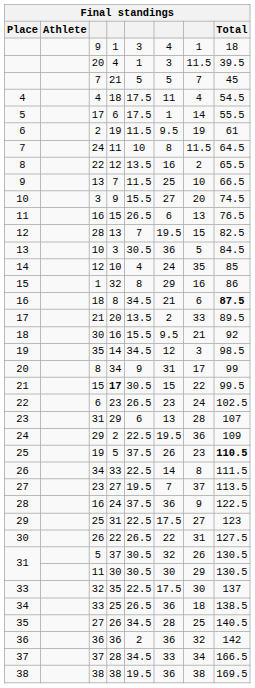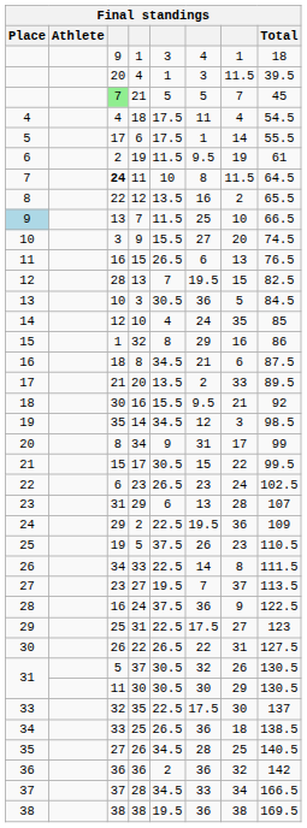 <table class=wikitable style="text-align:center">
 <tr>
 <th colspan=8><strong>Final standings</strong></th>
 </tr>
 <tr>
 <th>Place</th>
 <th>Athlete</th>
 <th></th>
 <th></th>
 <th></th>
 <th></th>
 <th></th>
 <th>Total</th>
 </tr>
 <tr>
 <td></td>
 <td align=left></td>
 <td>9</td>
 <td>1</td>
 <td>3</td>
 <td>4</td>
 <td>1</td>
 <td>18</td>
 </tr>
 <tr>
 <td></td>
 <td align=left></td>
 <td>20</td>
 <td>4</td>
 <td>1</td>
 <td>3</td>
 <td>11.5</td>
 <td>39.5</td>
 </tr>
 <tr>
 <td></td>
 <td align=left></td>
-<td>7</td>
+<td style="background: lightgreen;">7</td>
 <td>21</td>
 <td>5</td>
 <td>5</td>
 <td>7</td>
 <td>45</td>
 </tr>
 <tr>
 <td>4</td>
 <td align=left></td>
 <td>4</td>
 <td>18</td>
 <td>17.5</td>
 <td>11</td>
 <td>4</td>
 <td>54.5</td>
 </tr>
 <tr>
 <td>5</td>
 <td align=left></td>
 <td>17</td>
 <td>6</td>
 <td>17.5</td>
 <td>1</td>
 <td>14</td>
 <td>55.5</td>
 </tr>
 <tr>
 <td>6</td>
 <td align=left></td>
 <td>2</td>
 <td>19</td>
 <td>11.5</td>
 <td>9.5</td>
 <td>19</td>
 <td>61</td>
 </tr>
 <tr>
 <td>7</td>
 <td align=left></td>
-<td>24</td>
+<td><strong>24</strong></td>
 <td>11</td>
 <td>10</td>
 <td>8</td>
 <td>11.5</td>
 <td>64.5</td>
 </tr>
 <tr>
 <td>8</td>
 <td align=left></td>
 <td>22</td>
 <td>12</td>
 <td>13.5</td>
 <td>16</td>
 <td>2</td>
 <td>65.5</td>
 </tr>
 <tr>
-<td>9</td>
+<td style="background: lightblue;">9</td>
 <td align=left></td>
 <td>13</td>
 <td>7</td>
 <td>11.5</td>
 <td>25</td>
 <td>10</td>
 <td>66.5</td>
 </tr>
 <tr>
 <td>10</td>
 <td align=left></td>
 <td>3</td>
 <td>9</td>
 <td>15.5</td>
 <td>27</td>
 <td>20</td>
 <td>74.5</td>
 </tr>
 <tr>
 <td>11</td>
 <td align=left></td>
 <td>16</td>
 <td>15</td>
 <td>26.5</td>
 <td>6</td>
 <td>13</td>
 <td>76.5</td>
 </tr>
 <tr>
 <td>12</td>
 <td align=left></td>
 <td>28</td>
 <td>13</td>
 <td>7</td>
 <td>19.5</td>
 <td>15</td>
 <td>82.5</td>
 </tr>
 <tr>
 <td>13</td>
 <td align=left></td>
 <td>10</td>
 <td>3</td>
 <td>30.5</td>
 <td>36</td>
 <td>5</td>
 <td>84.5</td>
 </tr>
 <tr>
 <td>14</td>
 <td align=left></td>
 <td>12</td>
 <td>10</td>
 <td>4</td>
 <td>24</td>
 <td>35</td>
 <td>85</td>
 </tr>
 <tr>
 <td>15</td>
 <td align=left></td>
 <td>1</td>
 <td>32</td>
 <td>8</td>
 <td>29</td>
 <td>16</td>
 <td>86</td>
 </tr>
 <tr>
 <td>16</td>
 <td align=left></td>
 <td>18</td>
 <td>8</td>
 <td>34.5</td>
 <td>21</td>
 <td>6</td>
-<td><strong>87.5</strong></td>
+<td>87.5</td>
 </tr>
 <tr>
 <td>17</td>
 <td align=left></td>
 <td>21</td>
 <td>20</td>
 <td>13.5</td>
 <td>2</td>
 <td>33</td>
 <td>89.5</td>
 </tr>
 <tr>
 <td>18</td>
 <td align=left></td>
 <td>30</td>
 <td>16</td>
 <td>15.5</td>
 <td>9.5</td>
 <td>21</td>
 <td>92</td>
 </tr>
 <tr>
 <td>19</td>
 <td align=left></td>
 <td>35</td>
 <td>14</td>
 <td>34.5</td>
 <td>12</td>
 <td>3</td>
 <td>98.5</td>
 </tr>
 <tr>
 <td>20</td>
 <td align=left></td>
 <td>8</td>
 <td>34</td>
 <td>9</td>
 <td>31</td>
 <td>17</td>
 <td>99</td>
 </tr>
 <tr>
 <td>21</td>
 <td align=left></td>
 <td>15</td>
-<td><strong>17</strong></td>
+<td>17</td>
 <td>30.5</td>
 <td>15</td>
 <td>22</td>
 <td>99.5</td>
 </tr>
 <tr>
 <td>22</td>
 <td align=left></td>
 <td>6</td>
 <td>23</td>
 <td>26.5</td>
 <td>23</td>
 <td>24</td>
 <td>102.5</td>
 </tr>
 <tr>
 <td>23</td>
 <td align=left></td>
 <td>31</td>
 <td>29</td>
 <td>6</td>
 <td>13</td>
 <td>28</td>
 <td>107</td>
 </tr>
 <tr>
 <td>24</td>
 <td align=left></td>
 <td>29</td>
 <td>2</td>
 <td>22.5</td>
 <td>19.5</td>
 <td>36</td>
 <td>109</td>
 </tr>
 <tr>
 <td>25</td>
 <td align=left></td>
 <td>19</td>
 <td>5</td>
 <td>37.5</td>
 <td>26</td>
 <td>23</td>
-<td><strong>110.5</strong></td>
+<td>110.5</td>
 </tr>
 <tr>
 <td>26</td>
 <td align=left></td>
 <td>34</td>
 <td>33</td>
 <td>22.5</td>
 <td>14</td>
 <td>8</td>
 <td>111.5</td>
 </tr>
 <tr>
 <td>27</td>
 <td align=left></td>
 <td>23</td>
 <td>27</td>
 <td>19.5</td>
 <td>7</td>
 <td>37</td>
 <td>113.5</td>
 </tr>
 <tr>
 <td>28</td>
 <td align=left></td>
 <td>16</td>
 <td>24</td>
 <td>37.5</td>
 <td>36</td>
 <td>9</td>
 <td>122.5</td>
 </tr>
 <tr>
 <td>29</td>
 <td align=left></td>
 <td>25</td>
 <td>31</td>
 <td>22.5</td>
 <td>17.5</td>
 <td>27</td>
 <td>123</td>
 </tr>
 <tr>
 <td>30</td>
 <td align=left></td>
 <td>26</td>
 <td>22</td>
 <td>26.5</td>
 <td>22</td>
 <td>31</td>
 <td>127.5</td>
 </tr>
 <tr>
 <td rowspan=2>31</td>
 <td align=left></td>
 <td>5</td>
 <td>37</td>
 <td>30.5</td>
 <td>32</td>
 <td>26</td>
 <td>130.5</td>
 </tr>
 <tr>
 <td align=left></td>
 <td>11</td>
 <td>30</td>
 <td>30.5</td>
 <td>30</td>
 <td>29</td>
 <td>130.5</td>
 </tr>
 <tr>
 <td>33</td>
 <td align=left></td>
 <td>32</td>
 <td>35</td>
 <td>22.5</td>
 <td>17.5</td>
 <td>30</td>
 <td>137</td>
 </tr>
 <tr>
 <td>34</td>
 <td align=left></td>
 <td>33</td>
 <td>25</td>
 <td>26.5</td>
 <td>36</td>
 <td>18</td>
 <td>138.5</td>
 </tr>
 <tr>
 <td>35</td>
 <td align=left></td>
 <td>27</td>
 <td>26</td>
 <td>34.5</td>
 <td>28</td>
 <td>25</td>
 <td>140.5</td>
 </tr>
 <tr>
 <td>36</td>
 <td align=left></td>
 <td>36</td>
 <td>36</td>
 <td>2</td>
 <td>36</td>
 <td>32</td>
 <td>142</td>
 </tr>
 <tr>
 <td>37</td>
 <td align=left></td>
 <td>37</td>
 <td>28</td>
 <td>34.5</td>
 <td>33</td>
 <td>34</td>
 <td>166.5</td>
 </tr>
 <tr>
 <td>38</td>
 <td align=left></td>
 <td>38</td>
 <td>38</td>
 <td>19.5</td>
 <td>36</td>
 <td>38</td>
 <td>169.5</td>
 </tr>
 </table>
